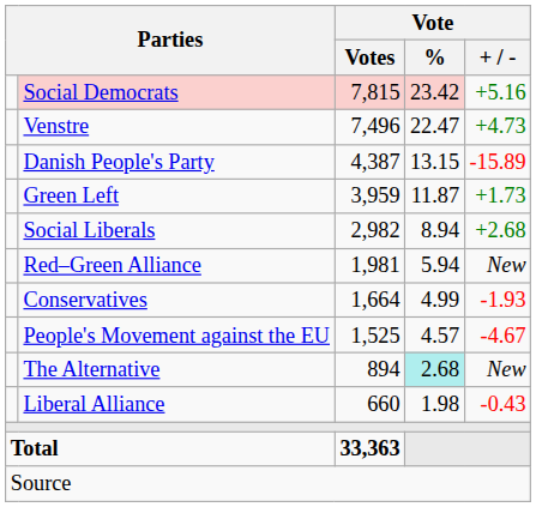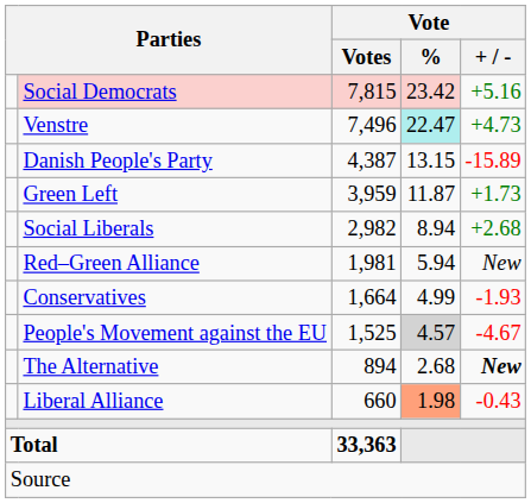 <table class="wikitable" style="text-align:right;">
 <tr>
 <th style="text-align:centre;" rowspan="2" colspan="2" width="225">Parties</th>
 <th colspan="3">Vote</th>
 </tr>
 <tr>
 <th width="15">Votes</th>
 <th width="15">%</th>
 <th width="15">+ / -</th>
 </tr>
 <tr>
 <td width="2" style="color:inherit;background:"></td>
 <td bgcolor=#fbd0ce   align="left"><a href='#'>Social Democrats</a></td>
 <td bgcolor=#fbd0ce>7,815</td>
 <td bgcolor=#fbd0ce>23.42</td>
 <td style=color:green;>+5.16</td>
 </tr>
 <tr>
 <td width="2" style="color:inherit;background:"></td>
 <td align="left"><a href='#'>Venstre</a></td>
 <td>7,496</td>
-<td>22.47</td>
+<td style="background: paleturquoise;">22.47</td>
 <td style=color:green;>+4.73</td>
 </tr>
 <tr>
 <td width="2" style="color:inherit;background:"></td>
 <td align="left"><a href='#'>Danish People's Party</a></td>
 <td>4,387</td>
 <td>13.15</td>
 <td style=color:red;>-15.89</td>
 </tr>
 <tr>
 <td width="2" style="color:inherit;background:"></td>
 <td align="left"><a href='#'>Green Left</a></td>
 <td>3,959</td>
 <td>11.87</td>
 <td style=color:green;>+1.73</td>
 </tr>
 <tr>
 <td width="2" style="color:inherit;background:"></td>
 <td align="left"><a href='#'>Social Liberals</a></td>
 <td>2,982</td>
 <td>8.94</td>
 <td style=color:green;>+2.68</td>
 </tr>
 <tr>
 <td width="2" style="color:inherit;background:"></td>
 <td align="left"><a href='#'>Red–Green Alliance</a></td>
 <td>1,981</td>
 <td>5.94</td>
 <td><em>New</em></td>
 </tr>
 <tr>
 <td width="2" style="color:inherit;background:"></td>
 <td align="left"><a href='#'>Conservatives</a></td>
 <td>1,664</td>
 <td>4.99</td>
 <td style=color:red;>-1.93</td>
 </tr>
 <tr>
 <td width="2" style="color:inherit;background:"></td>
 <td align="left"><a href='#'>People's Movement against the EU</a></td>
 <td>1,525</td>
-<td>4.57</td>
+<td style="background: lightgrey;">4.57</td>
 <td style=color:red;>-4.67</td>
 </tr>
 <tr>
 <td width="2" style="color:inherit;background:"></td>
 <td align="left"><a href='#'>The Alternative</a></td>
 <td>894</td>
-<td style="background: paleturquoise;">2.68</td>
-<td><em>New</em></td>
+<td>2.68</td>
+<td><strong><em>New</em></strong></td>
 </tr>
 <tr>
 <td width="2" style="color:inherit;background:"></td>
 <td align="left"><a href='#'>Liberal Alliance</a></td>
 <td>660</td>
-<td>1.98</td>
+<td style="background: lightsalmon;">1.98</td>
 <td style=color:red;>-0.43</td>
 </tr>
 <tr>
 <td colspan="7" bgcolor="#E9E9E9"></td>
 </tr>
 <tr>
 <td align="left" colspan="2"><strong>Total</strong></td>
 <td><strong>33,363</strong></td>
 <td bgcolor="#E9E9E9" colspan="2"></td>
 </tr>
 <tr>
 <td align="left" colspan="6">Source</td>
 </tr>
 </table>
